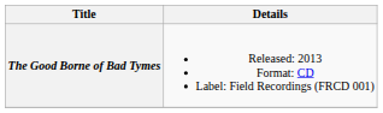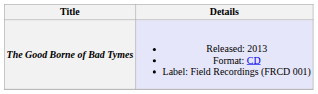 <table class="wikitable plainrowheaders" style="text-align:center;" border="1">
 <tr>
 <th>Title</th>
 <th>Details</th>
 </tr>
 <tr>
 <th scope="row"><em>The Good Borne of Bad Tymes</em></th>
-<td><br><ul><li>Released: 2013</li><li>Format: <a href='#'>CD</a></li><li>Label: Field Recordings (FRCD 001)</li></ul></td>
+<td style="background: lavender;"><br><ul><li>Released: 2013</li><li>Format: <a href='#'>CD</a></li><li>Label: Field Recordings (FRCD 001)</li></ul></td>
 </tr>
 <tr>
 </tr>
 </table>
